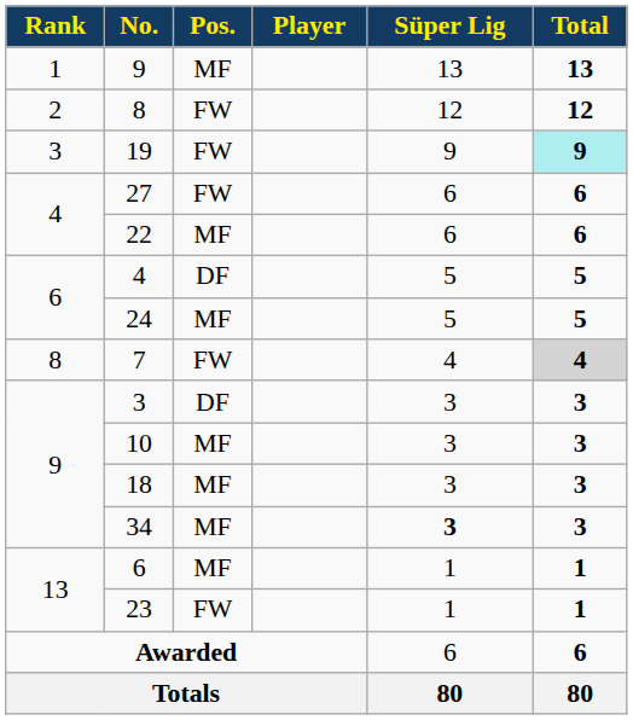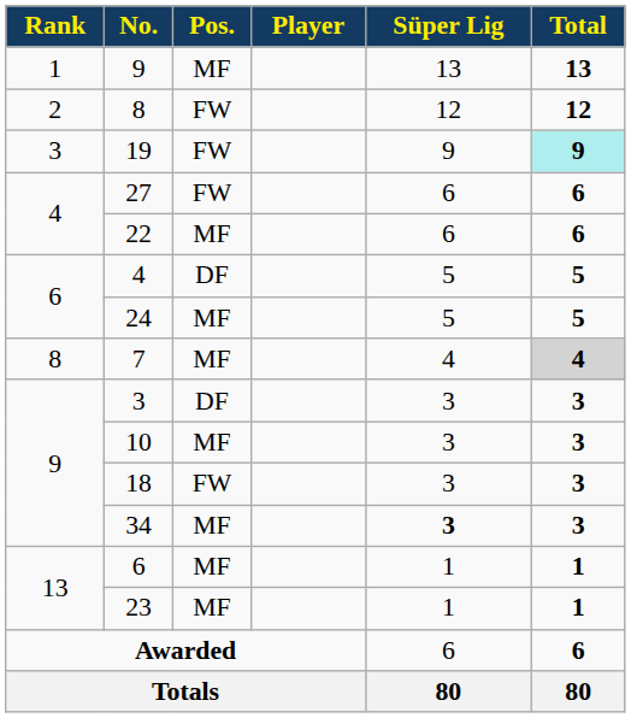 <table class="wikitable sortable" style="text-align:center;width:30%;">
 <tr>
 <th style="background:#133A61; color:#FFED00; ">Rank</th>
 <th style="background:#133A61; color:#FFED00; ">No.</th>
 <th style="background:#133A61; color:#FFED00; ">Pos.</th>
 <th style="background:#133A61; color:#FFED00; ">Player</th>
 <th style="background:#133A61; color:#FFED00; ">Süper Lig</th>
 <th style="background:#133A61; color:#FFED00; ">Total</th>
 </tr>
 <tr>
 <td>1</td>
 <td>9</td>
 <td>MF</td>
 <td align=left> </td>
 <td>13</td>
 <td><strong>13</strong></td>
 </tr>
 <tr>
 <td>2</td>
 <td>8</td>
 <td>FW</td>
 <td align=left> </td>
 <td>12</td>
 <td><strong>12</strong></td>
 </tr>
 <tr>
 <td>3</td>
 <td>19</td>
 <td>FW</td>
 <td align=left> </td>
 <td>9</td>
 <td style="background: paleturquoise;"><strong>9</strong></td>
 </tr>
 <tr>
 <td rowspan=2>4</td>
 <td>27</td>
 <td>FW</td>
 <td align=left> </td>
 <td>6</td>
 <td><strong>6</strong></td>
 </tr>
 <tr>
 <td>22</td>
 <td>MF</td>
 <td align=left> </td>
 <td>6</td>
 <td><strong>6</strong></td>
 </tr>
 <tr>
 <td rowspan=2>6</td>
 <td>4</td>
 <td>DF</td>
 <td align=left> </td>
 <td>5</td>
 <td><strong>5</strong></td>
 </tr>
 <tr>
 <td>24</td>
 <td>MF</td>
 <td align=left> </td>
 <td>5</td>
 <td><strong>5</strong></td>
 </tr>
 <tr>
 <td>8</td>
 <td>7</td>
-<td>FW</td>
+<td>MF</td>
 <td align=left> </td>
 <td>4</td>
 <td style="background: lightgrey;"><strong>4</strong></td>
 </tr>
 <tr>
 <td rowspan=4>9</td>
 <td>3</td>
 <td>DF</td>
 <td align=left> </td>
 <td>3</td>
 <td><strong>3</strong></td>
 </tr>
 <tr>
 <td>10</td>
 <td>MF</td>
 <td align=left> </td>
 <td>3</td>
 <td><strong>3</strong></td>
 </tr>
 <tr>
 <td>18</td>
-<td>MF</td>
+<td>FW</td>
 <td align=left> </td>
 <td>3</td>
 <td><strong>3</strong></td>
 </tr>
 <tr>
 <td>34</td>
 <td>MF</td>
 <td align=left></td>
 <td><strong>3</strong></td>
 <td><strong>3</strong></td>
 </tr>
 <tr>
 <td rowspan=2>13</td>
 <td>6</td>
 <td>MF</td>
 <td align=left> </td>
 <td>1</td>
 <td><strong>1</strong></td>
 </tr>
 <tr>
 <td>23</td>
-<td>FW</td>
+<td>MF</td>
 <td align=left> </td>
 <td>1</td>
 <td><strong>1</strong></td>
 </tr>
 <tr>
 <td colspan="4"><strong>Awarded</strong></td>
 <td>6</td>
 <td><strong>6</strong></td>
 </tr>
 <tr>
 <th colspan=4><strong>Totals</strong></th>
 <th><strong>80</strong></th>
 <th><strong>80</strong></th>
 </tr>
 </table>
